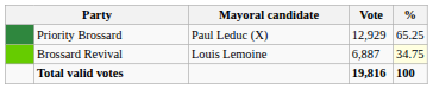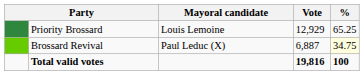 <table class="wikitable">
 <tr>
 <th bgcolor="#DDDDFF" width="230px" colspan="2">Party</th>
 <th bgcolor="#DDDDFF" width="200px">Mayoral candidate</th>
 <th bgcolor="#DDDDFF" width="50px">Vote</th>
 <th bgcolor="#DDDDFF" width="30px">%</th>
 </tr>
 <tr>
 <td bgcolor=#2F873E  width="30px"> </td>
 <td>Priority Brossard</td>
-<td>Paul Leduc (X)</td>
+<td>Louis Lemoine</td>
 <td>12,929</td>
 <td>65.25</td>
 </tr>
 <tr>
 <td bgcolor=#66CC00> </td>
 <td>Brossard Revival</td>
-<td>Louis Lemoine</td>
+<td>Paul Leduc (X)</td>
 <td>6,887</td>
 <td style="background: lightyellow;">34.75</td>
 </tr>
 <tr>
 <td> </td>
 <td><strong>Total valid votes</strong></td>
 <td></td>
 <td><strong>19,816</strong></td>
 <td><strong>100</strong></td>
 </tr>
 </table>
